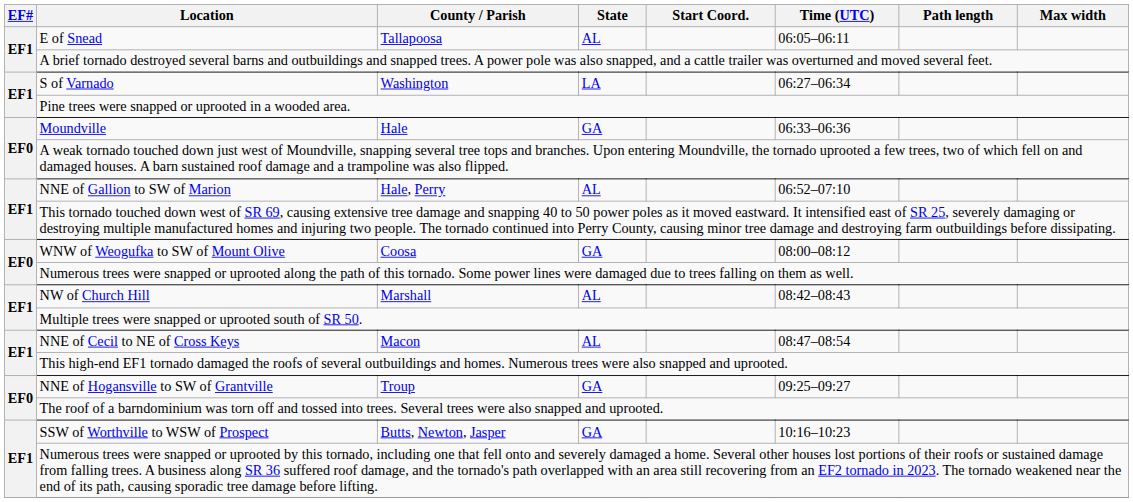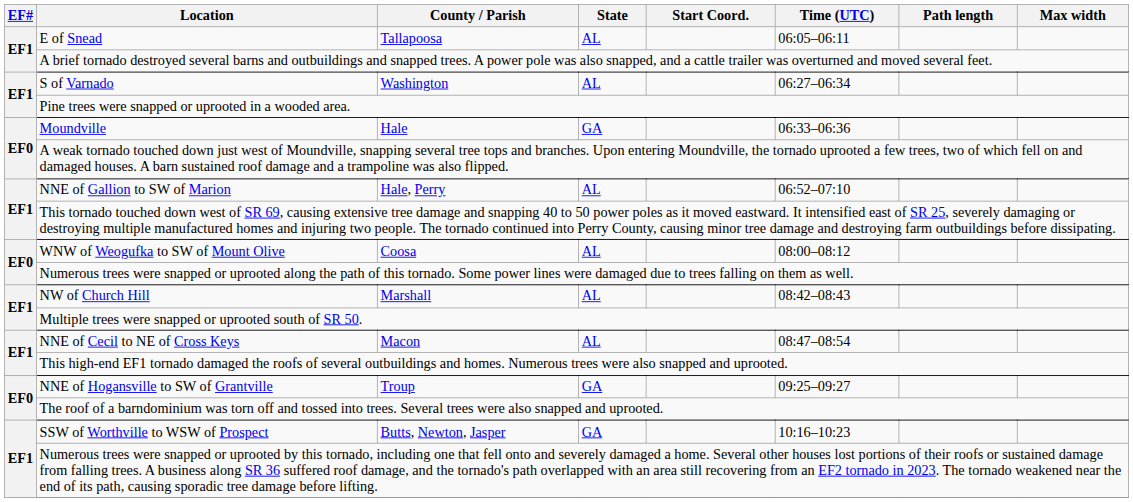 <table class="wikitable sortable" style="width:100%;">
 <tr>
 <th scope="col" width="2%" align="center"><a href='#'>EF#</a></th>
 <th scope="col" align="center" class="unsortable">Location</th>
 <th scope="col" align="center" class="unsortable">County / Parish</th>
 <th scope="col" align="center">State</th>
 <th scope="col" align="center">Start Coord.</th>
 <th scope="col" align="center">Time (<a href='#'>UTC</a>)</th>
 <th scope="col" align="center">Path length</th>
 <th scope="col" align="center">Max width</th>
 </tr>
 <tr>
 <th scope="row" rowspan="2" style="background-color:#">EF1</th>
 <td>E of <a href='#'>Snead</a></td>
 <td><a href='#'>Tallapoosa</a></td>
 <td><a href='#'>AL</a></td>
 <td></td>
 <td>06:05–06:11</td>
 <td></td>
 <td></td>
 </tr>
 <tr class="expand-child">
 <td colspan="8" style=" border-bottom: 1px solid black;">A brief tornado destroyed several barns and outbuildings and snapped trees. A power pole was also snapped, and a cattle trailer was overturned and moved several feet.</td>
 </tr>
 <tr>
 <th scope="row" rowspan="2" style="background-color:#">EF1</th>
 <td>S of <a href='#'>Varnado</a></td>
 <td><a href='#'>Washington</a></td>
-<td><a href='#'>LA</a></td>
+<td><a href='#'>AL</a></td>
 <td></td>
 <td>06:27–06:34</td>
 <td></td>
 <td></td>
 </tr>
 <tr class="expand-child">
 <td colspan="8" style=" border-bottom: 1px solid black;">Pine trees were snapped or uprooted in a wooded area.</td>
 </tr>
 <tr>
 <th scope="row" rowspan="2" style="background-color:#">EF0</th>
 <td><a href='#'>Moundville</a></td>
 <td><a href='#'>Hale</a></td>
 <td><a href='#'>GA</a></td>
 <td></td>
 <td>06:33–06:36</td>
 <td></td>
 <td></td>
 </tr>
 <tr class="expand-child">
 <td colspan="8" style=" border-bottom: 1px solid black;">A weak tornado touched down just west of Moundville, snapping several tree tops and branches. Upon entering Moundville, the tornado uprooted a few trees, two of which fell on and damaged houses. A barn sustained roof damage and a trampoline was also flipped.</td>
 </tr>
 <tr>
 <th scope="row" rowspan="2" style="background-color:#">EF1</th>
 <td>NNE of <a href='#'>Gallion</a> to SW of <a href='#'>Marion</a></td>
 <td><a href='#'>Hale</a>, <a href='#'>Perry</a></td>
 <td><a href='#'>AL</a></td>
 <td></td>
 <td>06:52–07:10</td>
 <td></td>
 <td></td>
 </tr>
 <tr class="expand-child">
 <td colspan="8" style=" border-bottom: 1px solid black;">This tornado touched down west of <a href='#'>SR 69</a>, causing extensive tree damage and snapping 40 to 50 power poles as it moved eastward. It intensified east of <a href='#'>SR 25</a>, severely damaging or destroying multiple manufactured homes and injuring two people. The tornado continued into Perry County, causing minor tree damage and destroying farm outbuildings before dissipating.</td>
 </tr>
 <tr>
 <th scope="row" rowspan="2" style="background-color:#">EF0</th>
 <td>WNW of <a href='#'>Weogufka</a> to SW of <a href='#'>Mount Olive</a></td>
 <td><a href='#'>Coosa</a></td>
-<td><a href='#'>GA</a></td>
+<td><a href='#'>AL</a></td>
 <td></td>
 <td>08:00–08:12</td>
 <td></td>
 <td></td>
 </tr>
 <tr class="expand-child">
 <td colspan="8" style=" border-bottom: 1px solid black;">Numerous trees were snapped or uprooted along the path of this tornado. Some power lines were damaged due to trees falling on them as well.</td>
 </tr>
 <tr>
 <th scope="row" rowspan="2" style="background-color:#">EF1</th>
 <td>NW of <a href='#'>Church Hill</a></td>
 <td><a href='#'>Marshall</a></td>
 <td><a href='#'>AL</a></td>
 <td></td>
 <td>08:42–08:43</td>
 <td></td>
 <td></td>
 </tr>
 <tr class="expand-child">
 <td colspan="8" style=" border-bottom: 1px solid black;">Multiple trees were snapped or uprooted south of <a href='#'>SR 50</a>.</td>
 </tr>
 <tr>
 <th scope="row" rowspan="2" style="background-color:#">EF1</th>
 <td>NNE of <a href='#'>Cecil</a> to NE of <a href='#'>Cross Keys</a></td>
 <td><a href='#'>Macon</a></td>
 <td><a href='#'>AL</a></td>
 <td></td>
 <td>08:47–08:54</td>
 <td></td>
 <td></td>
 </tr>
 <tr class="expand-child">
 <td colspan="8" style=" border-bottom: 1px solid black;">This high-end EF1 tornado damaged the roofs of several outbuildings and homes. Numerous trees were also snapped and uprooted.</td>
 </tr>
 <tr>
 <th scope="row" rowspan="2" style="background-color:#">EF0</th>
 <td>NNE of <a href='#'>Hogansville</a> to SW of <a href='#'>Grantville</a></td>
 <td><a href='#'>Troup</a></td>
 <td><a href='#'>GA</a></td>
 <td></td>
 <td>09:25–09:27</td>
 <td></td>
 <td></td>
 </tr>
 <tr class="expand-child">
 <td colspan="8" style=" border-bottom: 1px solid black;">The roof of a barndominium was torn off and tossed into trees. Several trees were also snapped and uprooted.</td>
 </tr>
 <tr>
 <th scope="row" rowspan="2" style="background-color:#">EF1</th>
 <td>SSW of <a href='#'>Worthville</a> to WSW of <a href='#'>Prospect</a></td>
 <td><a href='#'>Butts</a>, <a href='#'>Newton</a>, <a href='#'>Jasper</a></td>
 <td><a href='#'>GA</a></td>
 <td></td>
 <td>10:16–10:23</td>
 <td></td>
 <td></td>
 </tr>
 <tr class="expand-child">
 <td colspan="8" style=" border-bottom: 1px solid black;">Numerous trees were snapped or uprooted by this tornado, including one that fell onto and severely damaged a home. Several other houses lost portions of their roofs or sustained damage from falling trees. A business along <a href='#'>SR 36</a> suffered roof damage, and the tornado's path overlapped with an area still recovering from an <a href='#'>EF2 tornado in 2023</a>. The tornado weakened near the end of its path, causing sporadic tree damage before lifting.</td>
 </tr>
 <tr>
 </tr>
 </table>
